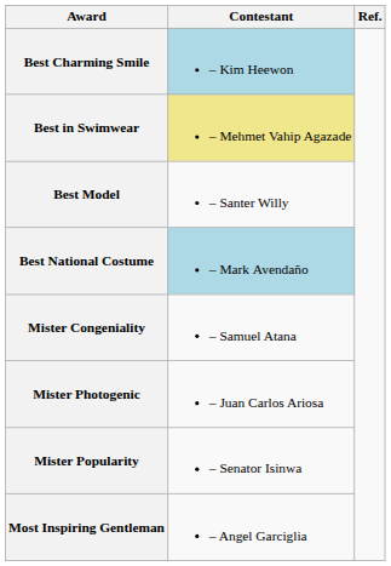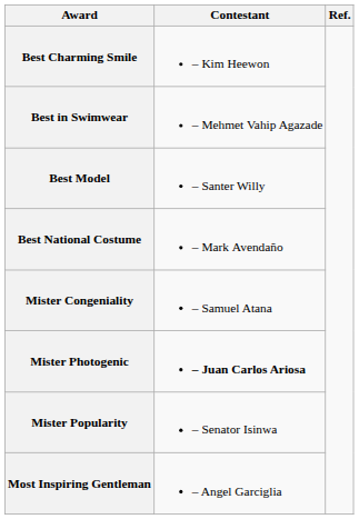 <table class="wikitable sortable" style="font-size: 90%;">
 <tr>
 <th>Award</th>
 <th>Contestant</th>
 <th>Ref.</th>
 </tr>
 <tr>
 <th>Best Charming Smile</th>
-<td style="background: lightblue;"><br><ul><li> – Kim Heewon</li></ul></td>
+<td><br><ul><li> – Kim Heewon</li></ul></td>
 <td rowspan="20"colspan="1"></td>
 </tr>
 <tr>
 <th>Best in Swimwear</th>
-<td style="background: khaki;"><br><ul><li> – Mehmet Vahip Agazade</li></ul></td>
+<td><br><ul><li> – Mehmet Vahip Agazade</li></ul></td>
 </tr>
 <tr>
 <th>Best Model</th>
 <td><br><ul><li> – Santer Willy</li></ul></td>
 </tr>
 <tr>
 <th>Best National Costume</th>
-<td style="background: lightblue;"><br><ul><li> – Mark Avendaño</li></ul></td>
+<td><br><ul><li> – Mark Avendaño</li></ul></td>
 </tr>
 <tr>
 <th>Mister Congeniality</th>
 <td><br><ul><li> – Samuel Atana</li></ul></td>
 </tr>
 <tr>
 <th>Mister Photogenic</th>
-<td><br><ul><li> – Juan Carlos Ariosa</li></ul></td>
+<td><strong><br><ul><li> – Juan Carlos Ariosa</li></ul></strong></td>
 </tr>
 <tr>
 <th>Mister Popularity</th>
 <td><br><ul><li> – Senator Isinwa</li></ul></td>
 </tr>
 <tr>
 <th>Most Inspiring Gentleman</th>
 <td><br><ul><li> – Angel Garciglia</li></ul></td>
 </tr>
 </table>
